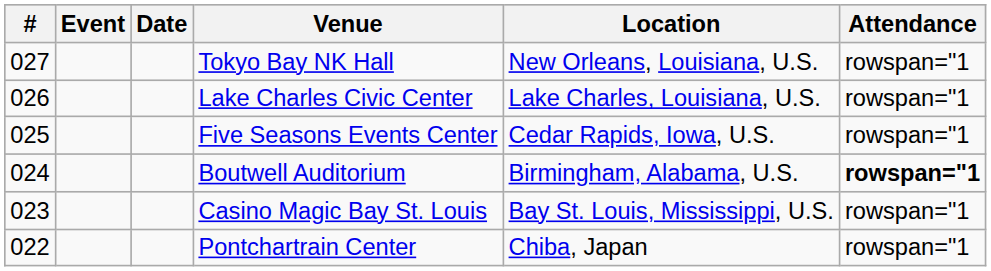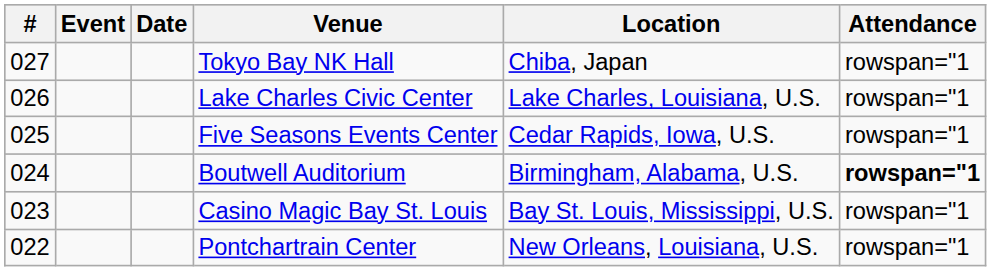 <table class="sortable wikitable succession-box" style="font-size:90%;">
 <tr>
 <th scope="col">#</th>
 <th scope="col">Event</th>
 <th scope="col">Date</th>
 <th scope="col">Venue</th>
 <th scope="col">Location</th>
 <th scope="col">Attendance</th>
 </tr>
 <tr>
 <td>027</td>
 <td></td>
 <td></td>
 <td><a href='#'>Tokyo Bay NK Hall</a></td>
-<td><a href='#'>New Orleans</a>, <a href='#'>Louisiana</a>, U.S.</td>
+<td><a href='#'>Chiba</a>, Japan</td>
 <td>rowspan="1 </td>
 </tr>
 <tr>
 <td>026</td>
 <td></td>
 <td></td>
 <td><a href='#'>Lake Charles Civic Center</a></td>
 <td><a href='#'>Lake Charles, Louisiana</a>, U.S.</td>
 <td>rowspan="1 </td>
 </tr>
 <tr>
 <td>025</td>
 <td></td>
 <td></td>
 <td><a href='#'>Five Seasons Events Center</a></td>
 <td><a href='#'>Cedar Rapids, Iowa</a>, U.S.</td>
 <td>rowspan="1 </td>
 </tr>
 <tr>
 <td>024</td>
 <td></td>
 <td></td>
 <td><a href='#'>Boutwell Auditorium</a></td>
 <td><a href='#'>Birmingham, Alabama</a>, U.S.</td>
 <td><strong>rowspan="1 </strong></td>
 </tr>
 <tr>
 <td>023</td>
 <td></td>
 <td></td>
 <td><a href='#'>Casino Magic Bay St. Louis</a></td>
 <td><a href='#'>Bay St. Louis, Mississippi</a>, U.S.</td>
 <td>rowspan="1 </td>
 </tr>
 <tr>
 <td>022</td>
 <td></td>
 <td></td>
 <td><a href='#'>Pontchartrain Center</a></td>
-<td><a href='#'>Chiba</a>, Japan</td>
+<td><a href='#'>New Orleans</a>, <a href='#'>Louisiana</a>, U.S.</td>
 <td>rowspan="1 </td>
 </tr>
 </table>
